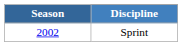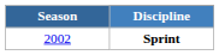 <table class="wikitable" style="font-size:95%; text-align:center; border:grey solid 1px; border-collapse:collapse; background:#ffffff;">
 <tr style="background-color:#369; color:white;">
 <td rowspan="2" colspan="1" style="width:110px"><strong>Season</strong></td>
 </tr>
 <tr style="background-color:#4180be; color:white;">
 <td style="width:110px"><strong>Discipline</strong></td>
 </tr>
 <tr>
 <td align=center><a href='#'>2002</a></td>
-<td align=center>Sprint</td>
+<td align=center><strong>Sprint</strong></td>
 </tr>
 </table>
